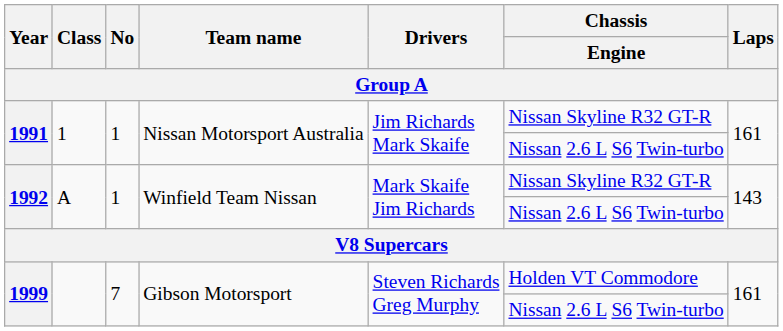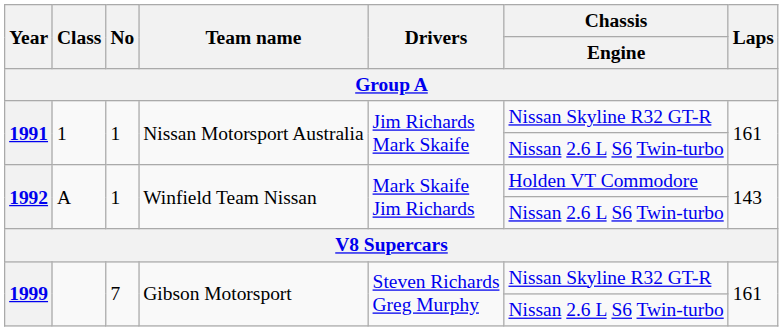 <table class="wikitable" style="font-size: 95%;">
 <tr>
 <th rowspan=2>Year</th>
 <th rowspan=2>Class</th>
 <th rowspan=2>No</th>
 <th rowspan=2>Team name</th>
 <th rowspan=2>Drivers</th>
 <th>Chassis</th>
 <th rowspan=2>Laps</th>
 </tr>
 <tr>
 <th>Engine</th>
 </tr>
 <tr>
 <th colspan=8><a href='#'>Group A</a></th>
 </tr>
 <tr>
 <th rowspan=2><a href='#'>1991</a></th>
 <td rowspan=2>1</td>
 <td rowspan=2>1</td>
 <td rowspan=2>Nissan Motorsport Australia</td>
 <td rowspan=2> <a href='#'>Jim Richards</a><br> <a href='#'>Mark Skaife</a></td>
 <td><a href='#'>Nissan Skyline R32 GT-R</a></td>
 <td rowspan=2>161</td>
 </tr>
 <tr>
 <td><a href='#'>Nissan</a> <a href='#'>2.6 L</a> <a href='#'>S6</a> <a href='#'>Twin-turbo</a></td>
 </tr>
 <tr>
 <th rowspan=2><a href='#'>1992</a></th>
 <td rowspan=2>A</td>
 <td rowspan=2>1</td>
 <td rowspan=2>Winfield Team Nissan</td>
 <td rowspan=2> <a href='#'>Mark Skaife</a><br> <a href='#'>Jim Richards</a></td>
-<td><a href='#'>Nissan Skyline R32 GT-R</a></td>
+<td><a href='#'>Holden VT Commodore</a></td>
 <td rowspan=2>143</td>
 </tr>
 <tr>
 <td><a href='#'>Nissan</a> <a href='#'>2.6 L</a> <a href='#'>S6</a> <a href='#'>Twin-turbo</a></td>
 </tr>
 <tr>
 <th colspan=8><a href='#'>V8 Supercars</a></th>
 </tr>
 <tr>
 <th rowspan=2><a href='#'>1999</a></th>
 <td rowspan=2></td>
 <td rowspan=2>7</td>
 <td rowspan=2>Gibson Motorsport</td>
 <td rowspan=2> <a href='#'>Steven Richards</a><br> <a href='#'>Greg Murphy</a></td>
-<td><a href='#'>Holden VT Commodore</a></td>
+<td><a href='#'>Nissan Skyline R32 GT-R</a></td>
 <td rowspan=2>161</td>
 </tr>
 <tr>
 <td><a href='#'>Nissan</a> <a href='#'>2.6 L</a> <a href='#'>S6</a> <a href='#'>Twin-turbo</a></td>
 </tr>
 </table>
